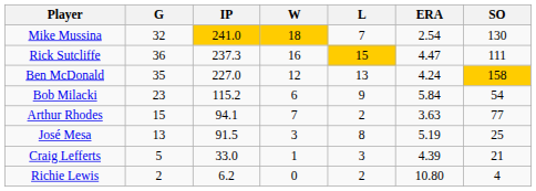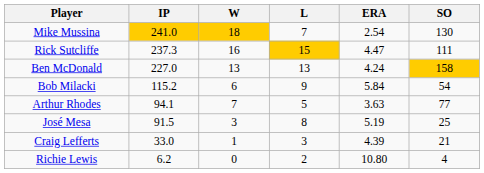 <table class="wikitable sortable">
 <tr>
 <th bgcolor="#DDDDFF" width="16%">Player</th>
-<th bgcolor="#DDDDFF" width="9%">G</th>
 <th bgcolor="#DDDDFF" width="9%">IP</th>
 <th bgcolor="#DDDDFF" width="9%">W</th>
 <th bgcolor="#DDDDFF" width="9%">L</th>
 <th bgcolor="#DDDDFF" width="9%">ERA</th>
 <th bgcolor="#DDDDFF" width="9%">SO</th>
 </tr>
 <tr align="center">
 <td><a href='#'>Mike Mussina</a></td>
-<td>32</td>
 <td style="background:#fc0;">241.0</td>
 <td style="background:#fc0;">18</td>
 <td>7</td>
 <td>2.54</td>
 <td>130</td>
 </tr>
 <tr align="center">
 <td><a href='#'>Rick Sutcliffe</a></td>
-<td>36</td>
 <td>237.3</td>
 <td>16</td>
 <td style="background:#fc0;">15</td>
 <td>4.47</td>
 <td>111</td>
 </tr>
 <tr align="center">
 <td><a href='#'>Ben McDonald</a></td>
-<td>35</td>
 <td>227.0</td>
-<td>12</td>
+<td>13</td>
 <td>13</td>
 <td>4.24</td>
 <td style="background:#fc0;">158</td>
 </tr>
 <tr align="center">
 <td><a href='#'>Bob Milacki</a></td>
-<td>23</td>
 <td>115.2</td>
 <td>6</td>
 <td>9</td>
 <td>5.84</td>
 <td>54</td>
 </tr>
 <tr align="center">
 <td><a href='#'>Arthur Rhodes</a></td>
-<td>15</td>
 <td>94.1</td>
 <td>7</td>
-<td>2</td>
+<td>5</td>
 <td>3.63</td>
 <td>77</td>
 </tr>
 <tr align="center">
 <td><a href='#'>José Mesa</a></td>
-<td>13</td>
 <td>91.5</td>
 <td>3</td>
 <td>8</td>
 <td>5.19</td>
 <td>25</td>
 </tr>
 <tr align="center">
 <td><a href='#'>Craig Lefferts</a></td>
-<td>5</td>
 <td>33.0</td>
 <td>1</td>
 <td>3</td>
 <td>4.39</td>
 <td>21</td>
 </tr>
 <tr align="center">
 <td><a href='#'>Richie Lewis</a></td>
-<td>2</td>
 <td>6.2</td>
 <td>0</td>
 <td>2</td>
 <td>10.80</td>
 <td>4</td>
 </tr>
 </table>
